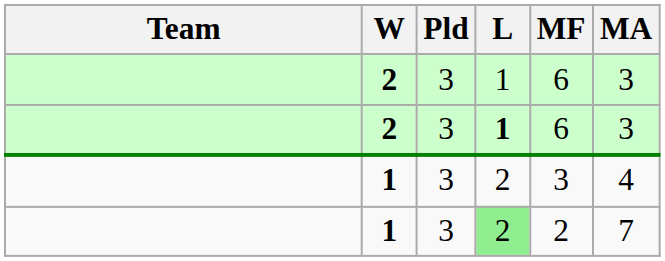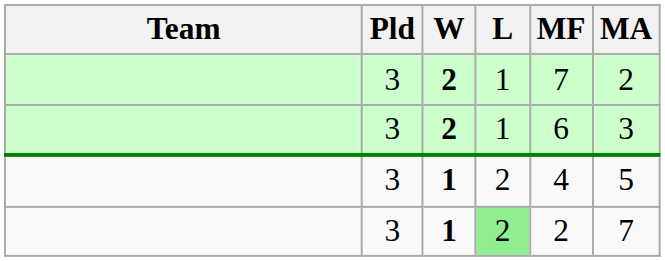 <table class=wikitable style="text-align:center">
 <tr>
 <th width=175>Team</th>
+<th width=20>Pld</th>
 <th width=20>W</th>
-<th width=20>Pld</th>
 <th width=20>L</th>
 <th width=20>MF</th>
 <th width=20>MA</th>
 </tr>
 <tr bgcolor=ccffcc>
 <td style="text-align:left"></td>
+<td>3</td>
 <td><strong>2</strong></td>
-<td>3</td>
 <td>1</td>
-<td>6</td>
-<td>3</td>
+<td>7</td>
+<td>2</td>
 </tr>
 <tr bgcolor=ccffcc style="border-bottom:2px solid green;">
 <td style="text-align:left"></td>
+<td>3</td>
 <td><strong>2</strong></td>
-<td>3</td>
-<td><strong>1</strong></td>
+<td>1</td>
 <td>6</td>
 <td>3</td>
 </tr>
 <tr>
 <td style="text-align:left"></td>
+<td>3</td>
 <td><strong>1</strong></td>
-<td>3</td>
 <td>2</td>
-<td>3</td>
 <td>4</td>
+<td>5</td>
 </tr>
 <tr>
 <td style="text-align:left"></td>
+<td>3</td>
 <td><strong>1</strong></td>
-<td>3</td>
 <td style="background: lightgreen;">2</td>
 <td>2</td>
 <td>7</td>
 </tr>
 </table>
